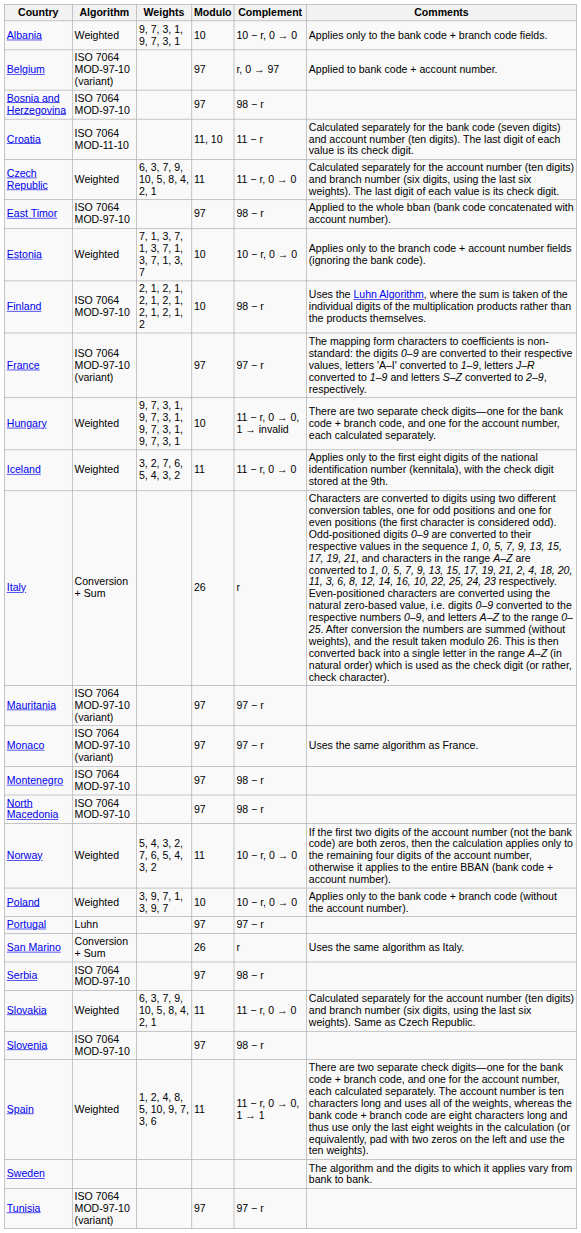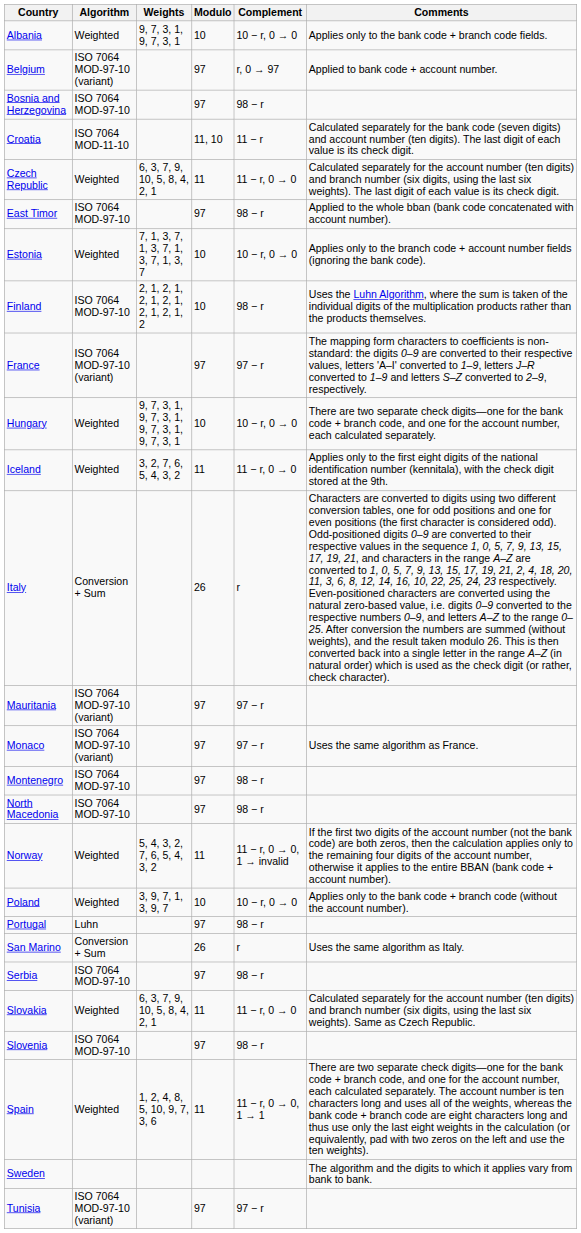 <table class="wikitable sortable">
 <tr>
 <th scope="col">Country</th>
 <th scope="col">Algorithm</th>
 <th scope="col">Weights</th>
 <th scope="col">Modulo</th>
 <th scope="col">Complement</th>
 <th scope="col">Comments</th>
 </tr>
 <tr>
 <td scope="row"><a href='#'>Albania</a></td>
 <td>Weighted</td>
 <td>9, 7, 3, 1, 9, 7, 3, 1</td>
 <td>10</td>
 <td>10 − r, 0 → 0</td>
 <td>Applies only to the bank code + branch code fields.</td>
 </tr>
 <tr>
 <td scope="row"><a href='#'>Belgium</a></td>
 <td>ISO 7064 MOD-97-10 (variant)</td>
 <td></td>
 <td>97</td>
 <td>r, 0 → 97</td>
 <td>Applied to bank code + account number.</td>
 </tr>
 <tr>
 <td scope="row"><a href='#'>Bosnia and Herzegovina</a></td>
 <td>ISO 7064 MOD-97-10</td>
 <td></td>
 <td>97</td>
 <td>98 − r</td>
 <td></td>
 </tr>
 <tr>
 <td scope="row"><a href='#'>Croatia</a></td>
 <td>ISO 7064 MOD-11-10</td>
 <td></td>
 <td>11, 10</td>
 <td>11 − r</td>
 <td>Calculated separately for the bank code (seven digits) and account number (ten digits). The last digit of each value is its check digit.</td>
 </tr>
 <tr>
 <td scope="row"><a href='#'>Czech Republic</a></td>
 <td>Weighted</td>
 <td>6, 3, 7, 9, 10, 5, 8, 4, 2, 1</td>
 <td>11</td>
 <td>11 − r, 0 → 0</td>
 <td>Calculated separately for the account number (ten digits) and branch number (six digits, using the last six weights). The last digit of each value is its check digit.</td>
 </tr>
 <tr>
 <td scope="row"><a href='#'>East Timor</a></td>
 <td>ISO 7064 MOD-97-10</td>
 <td></td>
 <td>97</td>
 <td>98 − r</td>
 <td>Applied to the whole bban (bank code concatenated with account number).</td>
 </tr>
 <tr>
 <td scope="row"><a href='#'>Estonia</a></td>
 <td>Weighted</td>
 <td>7, 1, 3, 7, 1, 3, 7, 1, 3, 7, 1, 3, 7</td>
 <td>10</td>
 <td>10 − r, 0 → 0</td>
 <td>Applies only to the branch code + account number fields (ignoring the bank code).</td>
 </tr>
 <tr>
 <td scope="row"><a href='#'>Finland</a></td>
 <td>ISO 7064 MOD-97-10</td>
 <td>2, 1, 2, 1, 2, 1, 2, 1, 2, 1, 2, 1, 2</td>
 <td>10</td>
 <td>98 − r</td>
 <td>Uses the <a href='#'>Luhn Algorithm</a>, where the sum is taken of the individual digits of the multiplication products rather than the products themselves.</td>
 </tr>
 <tr>
 <td scope="row"><a href='#'>France</a></td>
 <td>ISO 7064 MOD-97-10  (variant)</td>
 <td></td>
 <td>97</td>
 <td>97 − r</td>
 <td>The mapping form characters to coefficients is non-standard: the digits <em>0–9</em> are converted to their respective values, letters 'A–I' converted to <em>1–9</em>, letters <em>J–R</em> converted to <em>1–9</em> and letters <em>S–Z</em> converted to <em>2–9</em>, respectively.</td>
 </tr>
 <tr>
 <td scope="row"><a href='#'>Hungary</a></td>
 <td>Weighted</td>
 <td>9, 7, 3, 1, 9, 7, 3, 1, 9, 7, 3, 1, 9, 7, 3, 1</td>
 <td>10</td>
-<td>11 − r, 0 → 0, 1 → invalid</td>
+<td>10 − r, 0 → 0</td>
 <td>There are two separate check digits—one for the bank code + branch code, and one for the account number, each calculated separately.</td>
 </tr>
 <tr>
 <td scope="row"><a href='#'>Iceland</a></td>
 <td>Weighted</td>
 <td>3, 2, 7, 6, 5, 4, 3, 2</td>
 <td>11</td>
 <td>11 − r, 0 → 0</td>
 <td>Applies only to the first eight digits of the national identification number (kennitala), with the check digit stored at the 9th.</td>
 </tr>
 <tr>
 <td scope="row"><a href='#'>Italy</a></td>
 <td>Conversion + Sum</td>
 <td></td>
 <td>26</td>
 <td>r</td>
 <td>Characters are converted to digits using two different conversion tables, one for odd positions and one for even positions (the first character is considered odd).<br>Odd-positioned digits <em>0–9</em> are converted to their respective values in the sequence <em>1, 0, 5, 7, 9, 13, 15, 17, 19, 21</em>, and characters in the range <em>A–Z</em> are converted to <em>1, 0, 5, 7, 9, 13, 15, 17, 19, 21, 2, 4, 18, 20, 11, 3, 6, 8, 12, 14, 16, 10, 22, 25, 24, 23</em> respectively.  Even-positioned characters are converted using the natural zero-based value, i.e. digits <em>0–9</em> converted to the respective numbers <em>0–9</em>, and letters <em>A–Z</em> to the range <em>0–25</em>.  After conversion the numbers are summed (without weights), and the result taken modulo 26.  This is then converted back into a single letter in the range <em>A–Z</em> (in natural order) which is used as the check digit (or rather, check character).</td>
 </tr>
 <tr>
 <td scope="row"><a href='#'>Mauritania</a></td>
 <td>ISO 7064 MOD-97-10 (variant)</td>
 <td></td>
 <td>97</td>
 <td>97 − r</td>
 <td></td>
 </tr>
 <tr>
 <td scope="row"><a href='#'>Monaco</a></td>
 <td>ISO 7064 MOD-97-10 (variant)</td>
 <td></td>
 <td>97</td>
 <td>97 − r</td>
 <td>Uses the same algorithm as France.</td>
 </tr>
 <tr>
 <td scope="row"><a href='#'>Montenegro</a></td>
 <td>ISO 7064 MOD-97-10</td>
 <td></td>
 <td>97</td>
 <td>98 − r</td>
 <td></td>
 </tr>
 <tr>
 <td scope="row"><a href='#'>North Macedonia</a></td>
 <td>ISO 7064 MOD-97-10</td>
 <td></td>
 <td>97</td>
 <td>98 − r</td>
 <td></td>
 </tr>
 <tr>
 <td scope="row"><a href='#'>Norway</a></td>
 <td>Weighted</td>
 <td>5, 4, 3, 2, 7, 6, 5, 4, 3, 2</td>
 <td>11</td>
-<td>10 − r, 0 → 0</td>
+<td>11 − r, 0 → 0, 1 → invalid</td>
 <td>If the first two digits of the account number (not the bank code) are both zeros, then the calculation applies only to the remaining four digits of the account number, otherwise it applies to the entire BBAN (bank code + account number).</td>
 </tr>
 <tr>
 <td scope="row"><a href='#'>Poland</a></td>
 <td>Weighted</td>
 <td>3, 9, 7, 1, 3, 9, 7</td>
 <td>10</td>
 <td>10 − r, 0 → 0</td>
 <td>Applies only to the bank code + branch code (without the account number).</td>
 </tr>
 <tr>
 <td scope="row"><a href='#'>Portugal</a></td>
 <td>Luhn</td>
 <td></td>
 <td>97</td>
-<td>97 − r</td>
+<td>98 − r</td>
 <td></td>
 </tr>
 <tr>
 <td scope="row"><a href='#'>San Marino</a></td>
 <td>Conversion + Sum</td>
 <td></td>
 <td>26</td>
 <td>r</td>
 <td>Uses the same algorithm as Italy.</td>
 </tr>
 <tr>
 <td scope="row"><a href='#'>Serbia</a></td>
 <td>ISO 7064 MOD-97-10</td>
 <td></td>
 <td>97</td>
 <td>98 − r</td>
 <td></td>
 </tr>
 <tr>
 <td scope="row"><a href='#'>Slovakia</a></td>
 <td>Weighted</td>
 <td>6, 3, 7, 9, 10, 5, 8, 4, 2, 1</td>
 <td>11</td>
 <td>11 − r, 0 → 0</td>
 <td>Calculated separately for the account number (ten digits) and branch number (six digits, using the last six weights). Same as Czech Republic.</td>
 </tr>
 <tr>
 <td scope="row"><a href='#'>Slovenia</a></td>
 <td>ISO 7064 MOD-97-10</td>
 <td></td>
 <td>97</td>
 <td>98 − r</td>
 <td></td>
 </tr>
 <tr>
 <td scope="row"><a href='#'>Spain</a></td>
 <td>Weighted</td>
 <td>1, 2, 4, 8, 5, 10, 9, 7, 3, 6</td>
 <td>11</td>
 <td>11 − r, 0 → 0, 1 → 1</td>
 <td>There are two separate check digits—one for the bank code + branch code, and one for the account number, each calculated separately. The account number is ten characters long and uses all of the weights, whereas the bank code + branch code are eight characters long and thus use only the last eight weights in the calculation (or equivalently, pad with two zeros on the left and use the ten weights).</td>
 </tr>
 <tr>
 <td scope="row"><a href='#'>Sweden</a></td>
 <td></td>
 <td></td>
 <td></td>
 <td></td>
 <td>The algorithm and the digits to which it applies vary from bank to bank.</td>
 </tr>
 <tr>
 <td scope="row"><a href='#'>Tunisia</a></td>
 <td>ISO 7064 MOD-97-10 (variant)</td>
 <td></td>
 <td>97</td>
 <td>97 − r</td>
 <td></td>
 </tr>
 </table>
